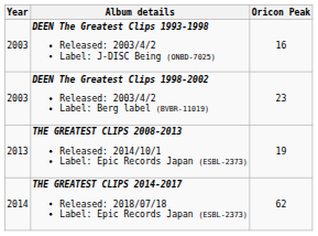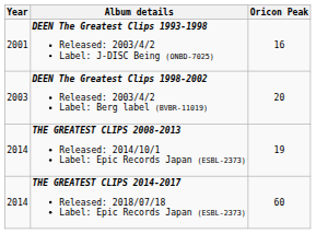 <table class="wikitable">
 <tr>
 <th>Year</th>
 <th>Album details</th>
 <th>Oricon Peak</th>
 </tr>
 <tr>
-<td>2003</td>
+<td>2001</td>
 <td><strong><em>DEEN The Greatest Clips 1993-1998</em></strong><br><ul><li>Released: 2003/4/2</li><li>Label: J-DISC Being <small>(ONBD-7025)</small></li></ul></td>
 <td align="center">16</td>
 </tr>
 <tr>
 <td>2003</td>
 <td><strong><em>DEEN The Greatest Clips 1998-2002</em></strong><br><ul><li>Released: 2003/4/2</li><li>Label: Berg label <small>(BVBR-11019)</small></li></ul></td>
-<td align="center">23</td>
+<td align="center">20</td>
 </tr>
 <tr>
-<td>2013</td>
+<td>2014</td>
 <td><strong><em>THE GREATEST CLIPS 2008-2013</em></strong><br><ul><li>Released: 2014/10/1</li><li>Label: Epic Records Japan <small>(ESBL-2373)</small></li></ul></td>
 <td align="center">19</td>
 </tr>
 <tr>
 <td>2014</td>
 <td><strong><em>THE GREATEST CLIPS 2014-2017</em></strong><br><ul><li>Released: 2018/07/18</li><li>Label: Epic Records Japan <small>(ESBL-2373)</small></li></ul></td>
-<td align="center">62</td>
+<td align="center">60</td>
 </tr>
 </table>
